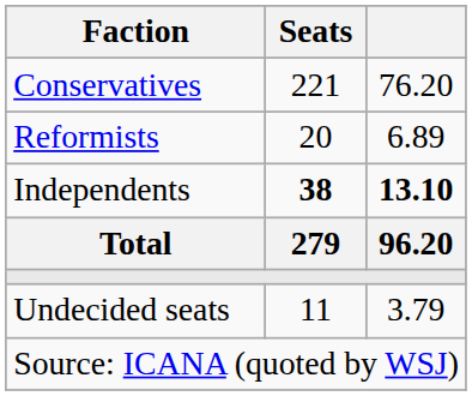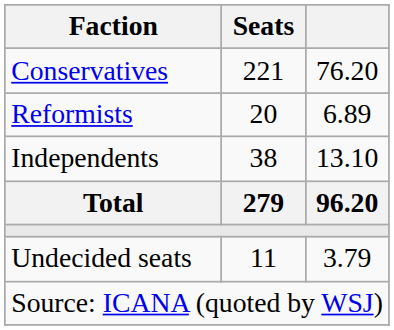 <table class=wikitable style=text-align:center>
 <tr>
 <th>Faction</th>
 <th>Seats</th>
 <th></th>
 </tr>
 <tr>
 <td align=left><a href='#'>Conservatives</a></td>
 <td>221</td>
 <td>76.20</td>
 </tr>
 <tr>
 <td align=left><a href='#'>Reformists</a></td>
 <td>20</td>
 <td>6.89</td>
 </tr>
 <tr>
 <td align=left>Independents</td>
-<td><strong>38</strong></td>
-<td><strong>13.10</strong></td>
+<td>38</td>
+<td>13.10</td>
 </tr>
 <tr>
 <th align=left>Total</th>
 <th>279</th>
 <th>96.20</th>
 </tr>
 <tr>
 <td colspan="9" style="background:#E9E9E9;"></td>
 </tr>
 <tr>
 <td align=left>Undecided seats</td>
 <td>11</td>
 <td>3.79</td>
 </tr>
 <tr>
 <td colspan=4 align=left>Source: <a href='#'>ICANA</a> (quoted by <a href='#'>WSJ</a>)</td>
 </tr>
 </table>
